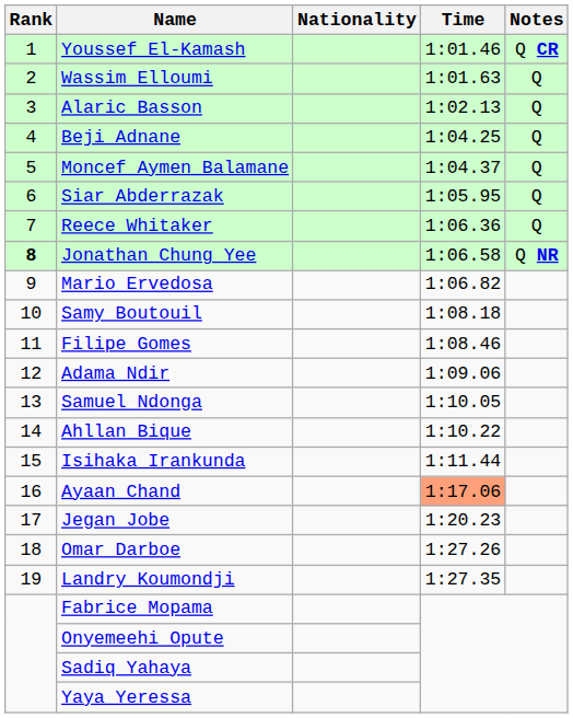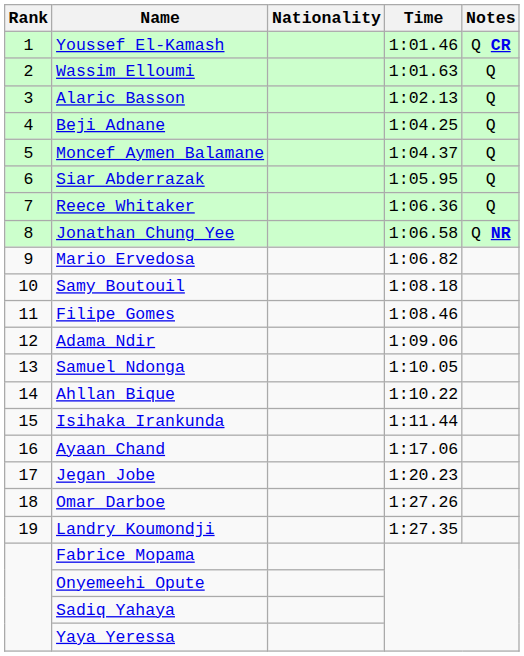 <table class="wikitable sortable" style="text-align:center">
 <tr>
 <th>Rank</th>
 <th>Name</th>
 <th>Nationality</th>
 <th>Time</th>
 <th>Notes</th>
 </tr>
 <tr bgcolor=ccffcc>
 <td>1</td>
 <td align=left><a href='#'>Youssef El-Kamash</a></td>
 <td align=left></td>
 <td>1:01.46</td>
 <td>Q <strong><a href='#'>CR</a></strong></td>
 </tr>
 <tr bgcolor=ccffcc>
 <td>2</td>
 <td align=left><a href='#'>Wassim Elloumi</a></td>
 <td align=left></td>
 <td>1:01.63</td>
 <td>Q</td>
 </tr>
 <tr bgcolor=ccffcc>
 <td>3</td>
 <td align=left><a href='#'>Alaric Basson</a></td>
 <td align=left></td>
 <td>1:02.13</td>
 <td>Q</td>
 </tr>
 <tr bgcolor=ccffcc>
 <td>4</td>
 <td align=left><a href='#'>Beji Adnane</a></td>
 <td align=left></td>
 <td>1:04.25</td>
 <td>Q</td>
 </tr>
 <tr bgcolor=ccffcc>
 <td>5</td>
 <td align=left><a href='#'>Moncef Aymen Balamane</a></td>
 <td align=left></td>
 <td>1:04.37</td>
 <td>Q</td>
 </tr>
 <tr bgcolor=ccffcc>
 <td>6</td>
 <td align=left><a href='#'>Siar Abderrazak</a></td>
 <td align=left></td>
 <td>1:05.95</td>
 <td>Q</td>
 </tr>
 <tr bgcolor=ccffcc>
 <td>7</td>
 <td align=left><a href='#'>Reece Whitaker</a></td>
 <td align=left></td>
 <td>1:06.36</td>
 <td>Q</td>
 </tr>
 <tr bgcolor=ccffcc>
-<td><strong>8</strong></td>
+<td>8</td>
 <td align=left><a href='#'>Jonathan Chung Yee</a></td>
 <td align=left></td>
 <td>1:06.58</td>
 <td>Q <strong><a href='#'>NR</a></strong></td>
 </tr>
 <tr>
 <td>9</td>
 <td align=left><a href='#'>Mario Ervedosa</a></td>
 <td align=left></td>
 <td>1:06.82</td>
 <td></td>
 </tr>
 <tr>
 <td>10</td>
 <td align=left><a href='#'>Samy Boutouil</a></td>
 <td align=left></td>
 <td>1:08.18</td>
 <td></td>
 </tr>
 <tr>
 <td>11</td>
 <td align=left><a href='#'>Filipe Gomes</a></td>
 <td align=left></td>
 <td>1:08.46</td>
 <td></td>
 </tr>
 <tr>
 <td>12</td>
 <td align=left><a href='#'>Adama Ndir</a></td>
 <td align=left></td>
 <td>1:09.06</td>
 <td></td>
 </tr>
 <tr>
 <td>13</td>
 <td align=left><a href='#'>Samuel Ndonga</a></td>
 <td align=left></td>
 <td>1:10.05</td>
 <td></td>
 </tr>
 <tr>
 <td>14</td>
 <td align=left><a href='#'>Ahllan Bique</a></td>
 <td align=left></td>
 <td>1:10.22</td>
 <td></td>
 </tr>
 <tr>
 <td>15</td>
 <td align=left><a href='#'>Isihaka Irankunda</a></td>
 <td align=left></td>
 <td>1:11.44</td>
 <td></td>
 </tr>
 <tr>
 <td>16</td>
 <td align=left><a href='#'>Ayaan Chand</a></td>
 <td align=left></td>
-<td style="background: lightsalmon;">1:17.06</td>
+<td>1:17.06</td>
 <td></td>
 </tr>
 <tr>
 <td>17</td>
 <td align=left><a href='#'>Jegan Jobe</a></td>
 <td align=left></td>
 <td>1:20.23</td>
 <td></td>
 </tr>
 <tr>
 <td>18</td>
 <td align=left><a href='#'>Omar Darboe</a></td>
 <td align=left></td>
 <td>1:27.26</td>
 <td></td>
 </tr>
 <tr>
 <td>19</td>
 <td align=left><a href='#'>Landry Koumondji</a></td>
 <td align=left></td>
 <td>1:27.35</td>
 <td></td>
 </tr>
 <tr>
 <td rowspan=4></td>
 <td align=left><a href='#'>Fabrice Mopama</a></td>
 <td align=left></td>
 <td colspan=2 rowspan=4></td>
 </tr>
 <tr>
 <td align=left><a href='#'>Onyemeehi Opute</a></td>
 <td align=left></td>
 </tr>
 <tr>
 <td align=left><a href='#'>Sadiq Yahaya</a></td>
 <td align=left></td>
 </tr>
 <tr>
 <td align=left><a href='#'>Yaya Yeressa</a></td>
 <td align=left></td>
 </tr>
 </table>
